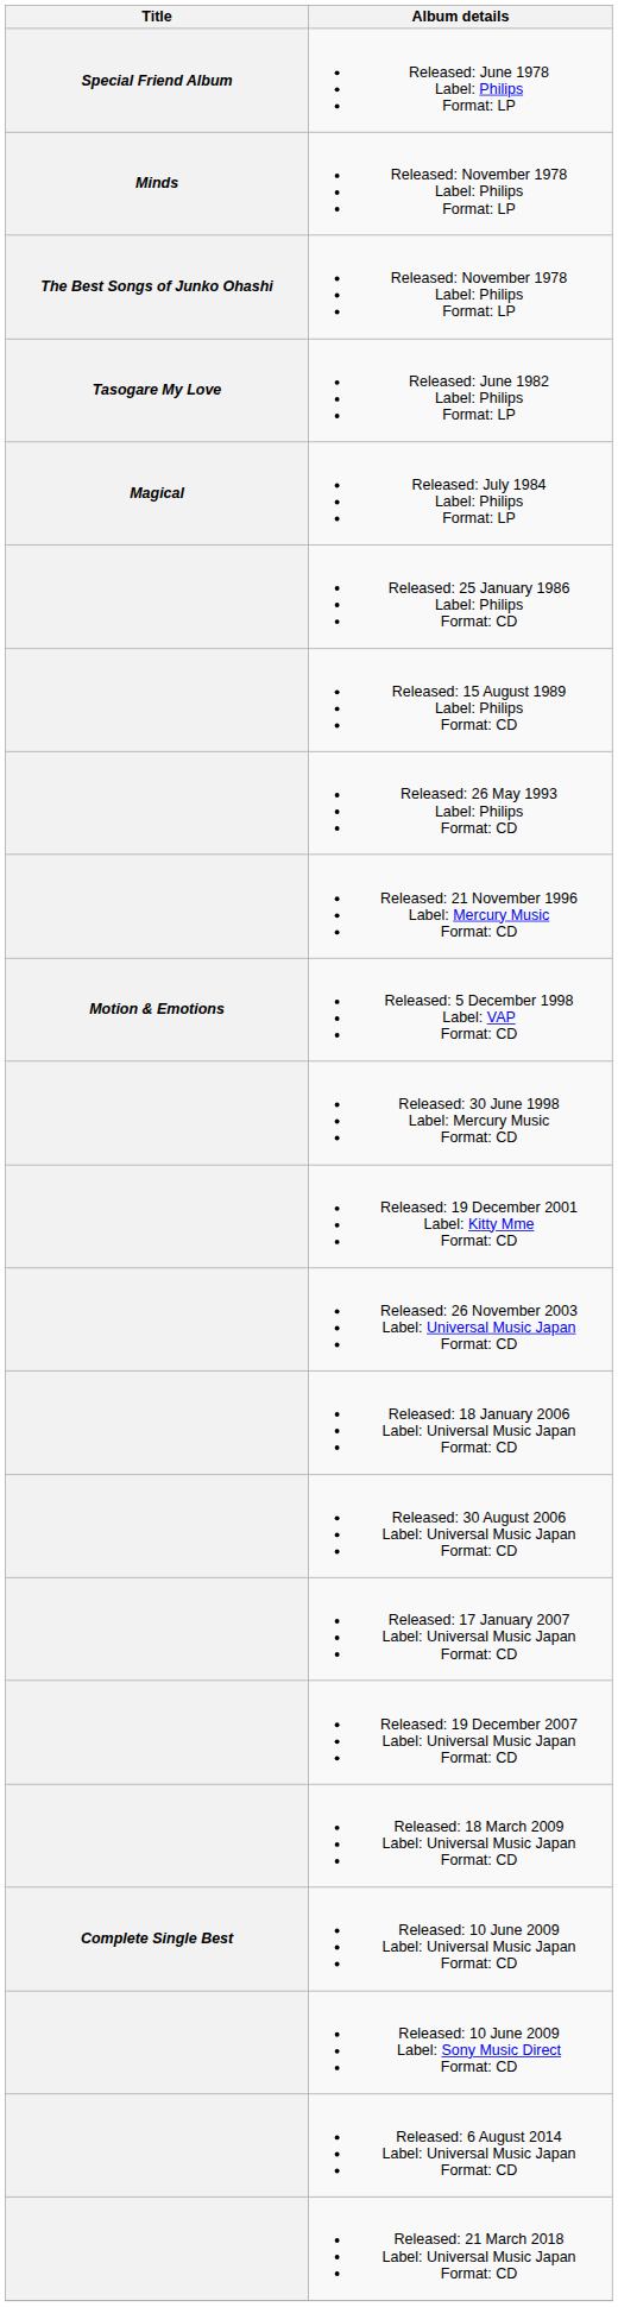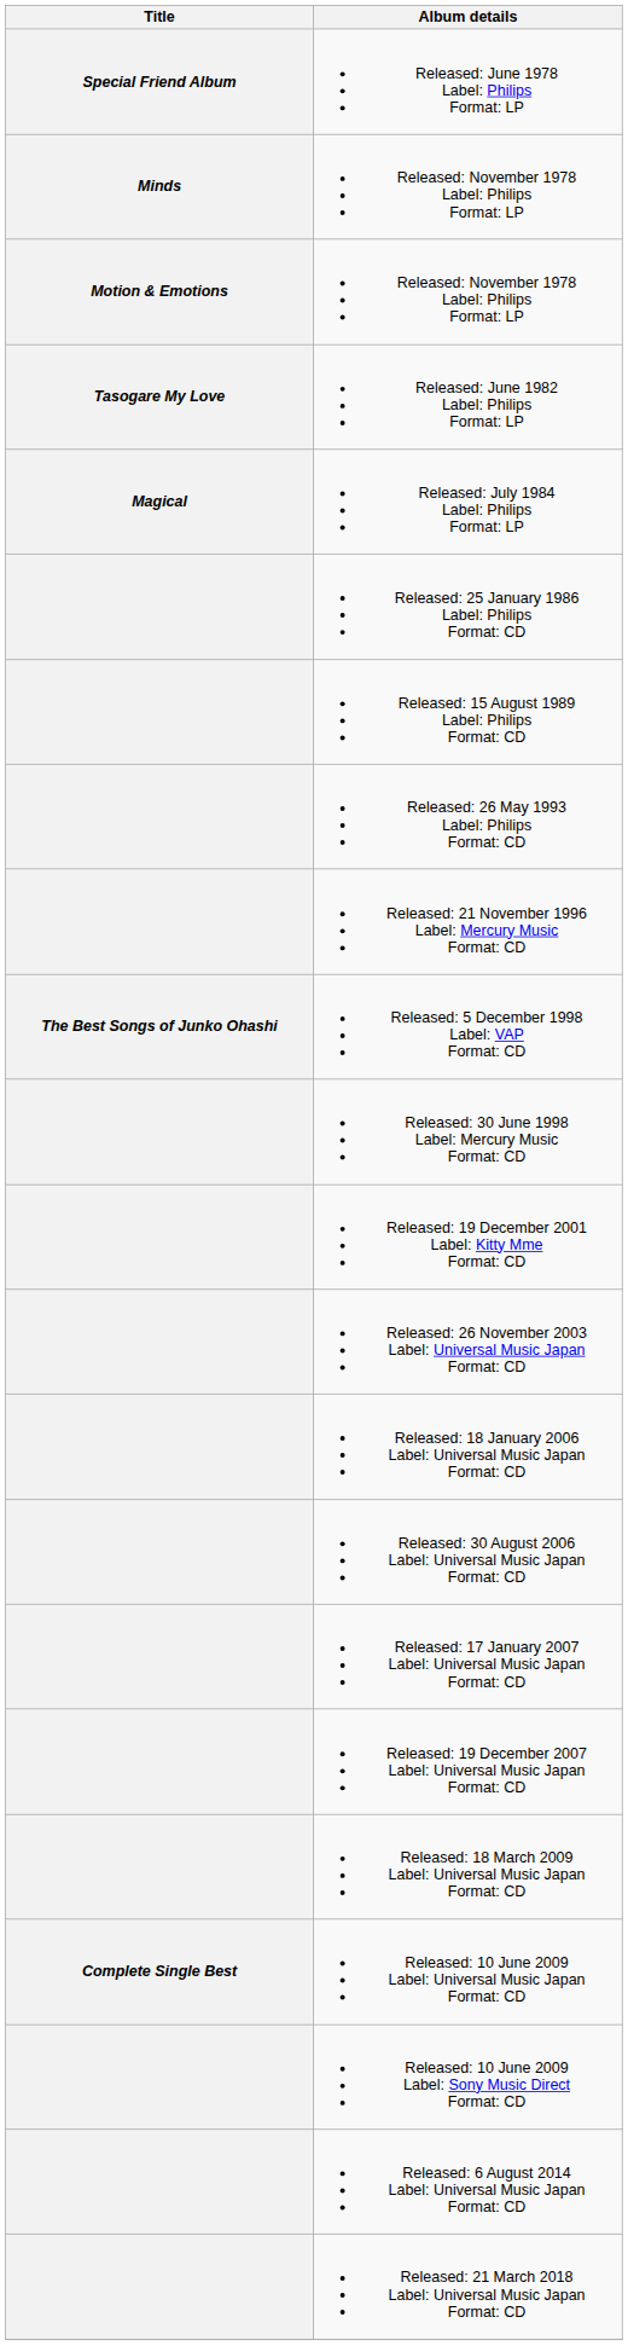 <table class="wikitable plainrowheaders" style="text-align:center;">
 <tr>
 <th scope="col" rowspan="1" style="width:20em;">Title</th>
 <th scope="col" rowspan="1" style="width:20em;">Album details</th>
 </tr>
 <tr>
 <th scope=row><em>Special Friend Album</em></th>
 <td><br><ul><li>Released: June 1978</li><li>Label: <a href='#'>Philips</a></li><li>Format: LP</li></ul></td>
 </tr>
 <tr>
 <th scope=row><em>Minds</em></th>
 <td><br><ul><li>Released: November 1978</li><li>Label: Philips</li><li>Format: LP</li></ul></td>
 </tr>
 <tr>
-<th scope=row><em>The Best Songs of Junko Ohashi</em></th>
+<th scope=row><em>Motion & Emotions</em></th>
 <td><br><ul><li>Released: November 1978</li><li>Label: Philips</li><li>Format: LP</li></ul></td>
 </tr>
 <tr>
 <th scope=row><em>Tasogare My Love</em></th>
 <td><br><ul><li>Released: June 1982</li><li>Label: Philips</li><li>Format: LP</li></ul></td>
 </tr>
 <tr>
 <th scope=row><em>Magical</em></th>
 <td><br><ul><li>Released: July 1984</li><li>Label: Philips</li><li>Format: LP</li></ul></td>
 </tr>
 <tr>
 <th scope=row></th>
 <td><br><ul><li>Released: 25 January 1986</li><li>Label: Philips</li><li>Format: CD</li></ul></td>
 </tr>
 <tr>
 <th scope=row></th>
 <td><br><ul><li>Released: 15 August 1989</li><li>Label: Philips</li><li>Format: CD</li></ul></td>
 </tr>
 <tr>
 <th scope=row></th>
 <td><br><ul><li>Released: 26 May 1993</li><li>Label: Philips</li><li>Format: CD</li></ul></td>
 </tr>
 <tr>
 <th scope=row></th>
 <td><br><ul><li>Released: 21 November 1996</li><li>Label: <a href='#'>Mercury Music</a></li><li>Format: CD</li></ul></td>
 </tr>
 <tr>
-<th scope=row><em>Motion & Emotions</em></th>
+<th scope=row><em>The Best Songs of Junko Ohashi</em></th>
 <td><br><ul><li>Released: 5 December 1998</li><li>Label: <a href='#'>VAP</a></li><li>Format: CD</li></ul></td>
 </tr>
 <tr>
 <th scope=row></th>
 <td><br><ul><li>Released: 30 June 1998</li><li>Label: Mercury Music</li><li>Format: CD</li></ul></td>
 </tr>
 <tr>
 <th scope=row></th>
 <td><br><ul><li>Released: 19 December 2001</li><li>Label: <a href='#'>Kitty Mme</a></li><li>Format: CD</li></ul></td>
 </tr>
 <tr>
 <th scope=row></th>
 <td><br><ul><li>Released: 26 November 2003</li><li>Label: <a href='#'>Universal Music Japan</a></li><li>Format: CD</li></ul></td>
 </tr>
 <tr>
 <th scope=row></th>
 <td><br><ul><li>Released: 18 January 2006</li><li>Label: Universal Music Japan</li><li>Format: CD</li></ul></td>
 </tr>
 <tr>
 <th scope=row></th>
 <td><br><ul><li>Released: 30 August 2006</li><li>Label: Universal Music Japan</li><li>Format: CD</li></ul></td>
 </tr>
 <tr>
 <th scope=row></th>
 <td><br><ul><li>Released: 17 January 2007</li><li>Label: Universal Music Japan</li><li>Format: CD</li></ul></td>
 </tr>
 <tr>
 <th scope=row></th>
 <td><br><ul><li>Released: 19 December 2007</li><li>Label: Universal Music Japan</li><li>Format: CD</li></ul></td>
 </tr>
 <tr>
 <th scope=row></th>
 <td><br><ul><li>Released: 18 March 2009</li><li>Label: Universal Music Japan</li><li>Format: CD</li></ul></td>
 </tr>
 <tr>
 <th scope=row><em>Complete Single Best</em></th>
 <td><br><ul><li>Released: 10 June 2009</li><li>Label: Universal Music Japan</li><li>Format: CD</li></ul></td>
 </tr>
 <tr>
 <th scope=row></th>
 <td><br><ul><li>Released: 10 June 2009</li><li>Label: <a href='#'>Sony Music Direct</a></li><li>Format: CD</li></ul></td>
 </tr>
 <tr>
 <th scope=row></th>
 <td><br><ul><li>Released: 6 August 2014</li><li>Label: Universal Music Japan</li><li>Format: CD</li></ul></td>
 </tr>
 <tr>
 <th scope=row></th>
 <td><br><ul><li>Released: 21 March 2018</li><li>Label: Universal Music Japan</li><li>Format: CD</li></ul></td>
 </tr>
 <tr>
 </tr>
 </table>
